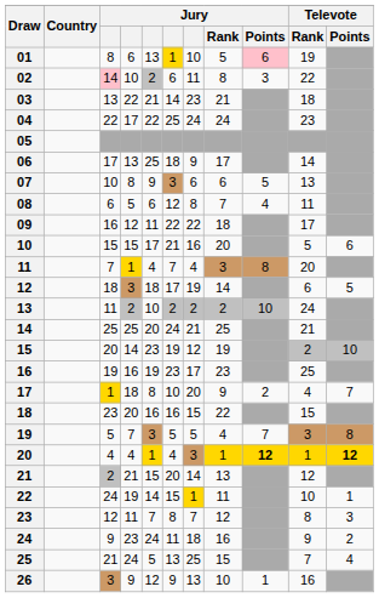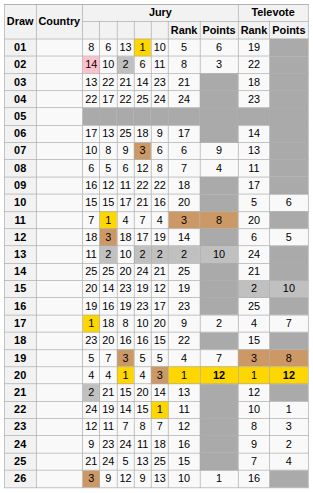 <table class="sortable wikitable collapsible plainrowheaders" style="text-align:center;">
 <tr>
 </tr>
 <tr>
 <th scope="col" rowspan="2">Draw</th>
 <th scope="col" rowspan="2">Country</th>
 <th scope="col" colspan="7">Jury</th>
 <th scope="col" colspan="2">Televote</th>
 </tr>
 <tr>
 <th scope="col"><small></small></th>
 <th scope="col"><small></small></th>
 <th scope="col"><small></small></th>
 <th scope="col"><small></small></th>
 <th scope="col"><small></small></th>
 <th scope="col">Rank</th>
 <th scope="col">Points</th>
 <th scope="col">Rank</th>
 <th scope="col">Points</th>
 </tr>
 <tr>
 <th scope="row" style="text-align:center;">01</th>
 <td style="text-align:left;"></td>
 <td>8</td>
 <td>6</td>
 <td>13</td>
 <td style="background:gold;">1</td>
 <td>10</td>
 <td>5</td>
-<td style="background: pink;">6</td>
+<td>6</td>
 <td>19</td>
 <td style="background:#AAAAAA;"></td>
 </tr>
 <tr>
 <th scope="row" style="text-align:center;">02</th>
 <td style="text-align:left;"></td>
 <td style="background: pink;">14</td>
 <td>10</td>
 <td style="background:silver;">2</td>
 <td>6</td>
 <td>11</td>
 <td>8</td>
 <td>3</td>
 <td>22</td>
 <td style="background:#AAAAAA;"></td>
 </tr>
 <tr>
 <th scope="row" style="text-align:center;">03</th>
 <td style="text-align:left;"></td>
 <td>13</td>
 <td>22</td>
 <td>21</td>
 <td>14</td>
 <td>23</td>
 <td>21</td>
 <td style="background:#AAAAAA;"></td>
 <td>18</td>
 <td style="background:#AAAAAA;"></td>
 </tr>
 <tr>
 <th scope="row" style="text-align:center;">04</th>
 <td style="text-align:left;"></td>
 <td>22</td>
 <td>17</td>
 <td>22</td>
 <td>25</td>
 <td>24</td>
 <td>24</td>
 <td style="background:#AAAAAA;"></td>
 <td>23</td>
 <td style="background:#AAAAAA;"></td>
 </tr>
 <tr class="sortbottom">
 <th scope="row" style="text-align:center;">05</th>
 <td style="text-align:left;"></td>
 <td style="background:#AAAAAA;"></td>
 <td style="background:#AAAAAA;"></td>
 <td style="background:#AAAAAA;"></td>
 <td style="background:#AAAAAA;"></td>
 <td style="background:#AAAAAA;"></td>
 <td style="background:#AAAAAA;"></td>
 <td style="background:#AAAAAA;"></td>
 <td style="background:#AAAAAA;"></td>
 <td style="background:#AAAAAA;"></td>
 </tr>
 <tr>
 <th scope="row" style="text-align:center;">06</th>
 <td style="text-align:left;"></td>
 <td>17</td>
 <td>13</td>
 <td>25</td>
 <td>18</td>
 <td>9</td>
 <td>17</td>
 <td style="background:#AAAAAA;"></td>
 <td>14</td>
 <td style="background:#AAAAAA;"></td>
 </tr>
 <tr>
 <th scope="row" style="text-align:center;">07</th>
 <td style="text-align:left;"></td>
 <td>10</td>
 <td>8</td>
 <td>9</td>
 <td style="background:#CC9966;">3</td>
 <td>6</td>
 <td>6</td>
-<td>5</td>
+<td>9</td>
 <td>13</td>
 <td style="background:#AAAAAA;"></td>
 </tr>
 <tr>
 <th scope="row" style="text-align:center;">08</th>
 <td style="text-align:left;"></td>
 <td>6</td>
 <td>5</td>
 <td>6</td>
 <td>12</td>
 <td>8</td>
 <td>7</td>
 <td>4</td>
 <td>11</td>
 <td style="background:#AAAAAA;"></td>
 </tr>
 <tr>
 <th scope="row" style="text-align:center;">09</th>
 <td style="text-align:left;"></td>
 <td>16</td>
 <td>12</td>
 <td>11</td>
 <td>22</td>
 <td>22</td>
 <td>18</td>
 <td style="background:#AAAAAA;"></td>
 <td>17</td>
 <td style="background:#AAAAAA;"></td>
 </tr>
 <tr>
 <th scope="row" style="text-align:center;">10</th>
 <td style="text-align:left;"></td>
 <td>15</td>
 <td>15</td>
 <td>17</td>
 <td>21</td>
 <td>16</td>
 <td>20</td>
 <td style="background:#AAAAAA;"></td>
 <td>5</td>
 <td>6</td>
 </tr>
 <tr>
 <th scope="row" style="text-align:center;">11</th>
 <td style="text-align:left;"></td>
 <td>7</td>
 <td style="background:gold;">1</td>
 <td>4</td>
 <td>7</td>
 <td>4</td>
 <td style="background:#CC9966;">3</td>
 <td style="background:#CC9966;">8</td>
 <td>20</td>
 <td style="background:#AAAAAA;"></td>
 </tr>
 <tr>
 <th scope="row" style="text-align:center;">12</th>
 <td style="text-align:left;"></td>
 <td>18</td>
 <td style="background:#CC9966;">3</td>
 <td>18</td>
 <td>17</td>
 <td>19</td>
 <td>14</td>
 <td style="background:#AAAAAA;"></td>
 <td>6</td>
 <td>5</td>
 </tr>
 <tr>
 <th scope="row" style="text-align:center;">13</th>
 <td style="text-align:left;"></td>
 <td>11</td>
 <td style="background:silver;">2</td>
 <td>10</td>
 <td style="background:silver;">2</td>
 <td style="background:silver;">2</td>
 <td style="background:silver;">2</td>
 <td style="background:silver;">10</td>
 <td>24</td>
 <td style="background:#AAAAAA;"></td>
 </tr>
 <tr>
 <th scope="row" style="text-align:center;">14</th>
 <td style="text-align:left;"></td>
 <td>25</td>
 <td>25</td>
 <td>20</td>
 <td>24</td>
 <td>21</td>
 <td>25</td>
 <td style="background:#AAAAAA;"></td>
 <td>21</td>
 <td style="background:#AAAAAA;"></td>
 </tr>
 <tr>
 <th scope="row" style="text-align:center;">15</th>
 <td style="text-align:left;"></td>
 <td>20</td>
 <td>14</td>
 <td>23</td>
 <td>19</td>
 <td>12</td>
 <td>19</td>
 <td style="background:#AAAAAA;"></td>
 <td style="background:silver;">2</td>
 <td style="background:silver;">10</td>
 </tr>
 <tr>
 <th scope="row" style="text-align:center;">16</th>
 <td style="text-align:left;"></td>
 <td>19</td>
 <td>16</td>
 <td>19</td>
 <td>23</td>
 <td>17</td>
 <td>23</td>
 <td style="background:#AAAAAA;"></td>
 <td>25</td>
 <td style="background:#AAAAAA;"></td>
 </tr>
 <tr>
 <th scope="row" style="text-align:center;">17</th>
 <td style="text-align:left;"></td>
 <td style="background:gold;">1</td>
 <td>18</td>
 <td>8</td>
 <td>10</td>
 <td>20</td>
 <td>9</td>
 <td>2</td>
 <td>4</td>
 <td>7</td>
 </tr>
 <tr>
 <th scope="row" style="text-align:center;">18</th>
 <td style="text-align:left;"></td>
 <td>23</td>
 <td>20</td>
 <td>16</td>
 <td>16</td>
 <td>15</td>
 <td>22</td>
 <td style="background:#AAAAAA;"></td>
 <td>15</td>
 <td style="background:#AAAAAA;"></td>
 </tr>
 <tr>
 <th scope="row" style="text-align:center;">19</th>
 <td style="text-align:left;"></td>
 <td>5</td>
 <td>7</td>
 <td style="background:#CC9966;">3</td>
 <td>5</td>
 <td>5</td>
 <td>4</td>
 <td>7</td>
 <td style="background:#CC9966;">3</td>
 <td style="background:#CC9966;">8</td>
 </tr>
 <tr>
 <th scope="row" style="text-align:center;">20</th>
 <td style="text-align:left;"></td>
 <td>4</td>
 <td>4</td>
 <td style="background:gold;">1</td>
 <td>4</td>
 <td style="background:#CC9966;">3</td>
 <td style="background:gold;">1</td>
 <td style="background:gold;"><strong>12</strong></td>
 <td style="background:gold;">1</td>
 <td style="background:gold;"><strong>12</strong></td>
 </tr>
 <tr>
 <th scope="row" style="text-align:center;">21</th>
 <td style="text-align:left;"></td>
 <td style="background:silver;">2</td>
 <td>21</td>
 <td>15</td>
 <td>20</td>
 <td>14</td>
 <td>13</td>
 <td style="background:#AAAAAA;"></td>
 <td>12</td>
 <td style="background:#AAAAAA;"></td>
 </tr>
 <tr>
 <th scope="row" style="text-align:center;">22</th>
 <td style="text-align:left;"></td>
 <td>24</td>
 <td>19</td>
 <td>14</td>
 <td>15</td>
 <td style="background:gold;">1</td>
 <td>11</td>
 <td style="background:#AAAAAA;"></td>
 <td>10</td>
 <td>1</td>
 </tr>
 <tr>
 <th scope="row" style="text-align:center;">23</th>
 <td style="text-align:left;"></td>
 <td>12</td>
 <td>11</td>
 <td>7</td>
 <td>8</td>
 <td>7</td>
 <td>12</td>
 <td style="background:#AAAAAA;"></td>
 <td>8</td>
 <td>3</td>
 </tr>
 <tr>
 <th scope="row" style="text-align:center;">24</th>
 <td style="text-align:left;"></td>
 <td>9</td>
 <td>23</td>
 <td>24</td>
 <td>11</td>
 <td>18</td>
 <td>16</td>
 <td style="background:#AAAAAA;"></td>
 <td>9</td>
 <td>2</td>
 </tr>
 <tr>
 <th scope="row" style="text-align:center;">25</th>
 <td style="text-align:left;"></td>
 <td>21</td>
 <td>24</td>
 <td>5</td>
 <td>13</td>
 <td>25</td>
 <td>15</td>
 <td style="background:#AAAAAA;"></td>
 <td>7</td>
 <td>4</td>
 </tr>
 <tr>
 <th scope="row" style="text-align:center;">26</th>
 <td style="text-align:left;"></td>
 <td style="background:#CC9966;">3</td>
 <td>9</td>
 <td>12</td>
 <td>9</td>
 <td>13</td>
 <td>10</td>
 <td>1</td>
 <td>16</td>
 <td style="background:#AAAAAA;"></td>
 </tr>
 </table>
